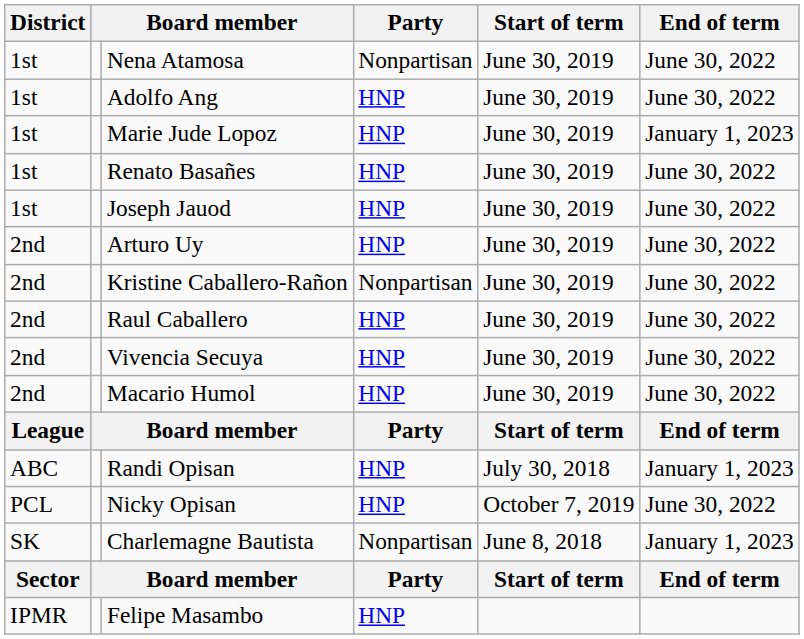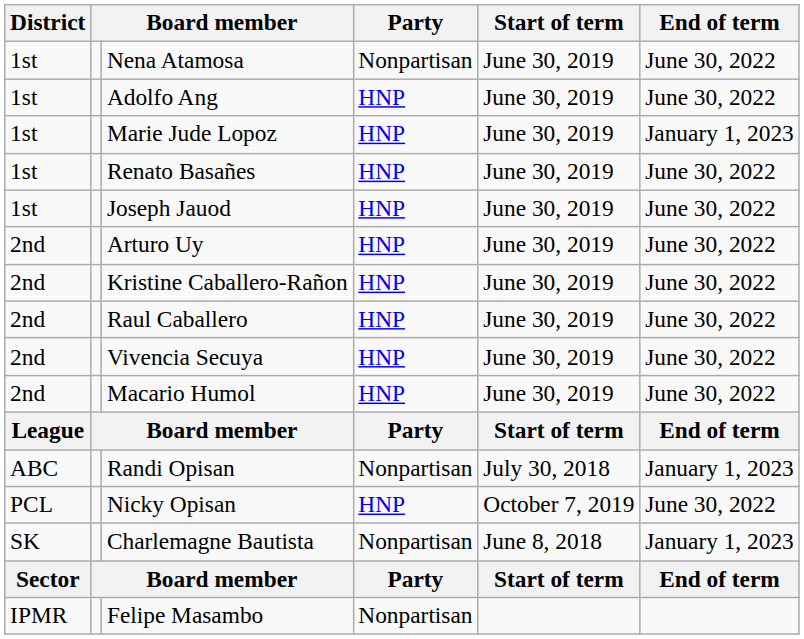 <table class="wikitable">
 <tr>
 <th>District</th>
 <th colspan="2">Board member</th>
 <th>Party</th>
 <th>Start of term</th>
 <th>End of term</th>
 </tr>
 <tr>
 <td>1st</td>
 <td></td>
 <td>Nena Atamosa</td>
 <td>Nonpartisan</td>
 <td>June 30, 2019</td>
 <td>June 30, 2022</td>
 </tr>
 <tr>
 <td>1st</td>
 <td></td>
 <td>Adolfo Ang</td>
 <td><a href='#'>HNP</a></td>
 <td>June 30, 2019</td>
 <td>June 30, 2022</td>
 </tr>
 <tr>
 <td>1st</td>
 <td></td>
 <td>Marie Jude Lopoz</td>
 <td><a href='#'>HNP</a></td>
 <td>June 30, 2019</td>
 <td>January 1, 2023</td>
 </tr>
 <tr>
 <td>1st</td>
 <td></td>
 <td>Renato Basañes</td>
 <td><a href='#'>HNP</a></td>
 <td>June 30, 2019</td>
 <td>June 30, 2022</td>
 </tr>
 <tr>
 <td>1st</td>
 <td></td>
 <td>Joseph Jauod</td>
 <td><a href='#'>HNP</a></td>
 <td>June 30, 2019</td>
 <td>June 30, 2022</td>
 </tr>
 <tr>
 <td>2nd</td>
 <td></td>
 <td>Arturo Uy</td>
 <td><a href='#'>HNP</a></td>
 <td>June 30, 2019</td>
 <td>June 30, 2022</td>
 </tr>
 <tr>
 <td>2nd</td>
 <td></td>
 <td>Kristine Caballero-Rañon</td>
-<td>Nonpartisan</td>
+<td><a href='#'>HNP</a></td>
 <td>June 30, 2019</td>
 <td>June 30, 2022</td>
 </tr>
 <tr>
 <td>2nd</td>
 <td></td>
 <td>Raul Caballero</td>
 <td><a href='#'>HNP</a></td>
 <td>June 30, 2019</td>
 <td>June 30, 2022</td>
 </tr>
 <tr>
 <td>2nd</td>
 <td></td>
 <td>Vivencia Secuya</td>
 <td><a href='#'>HNP</a></td>
 <td>June 30, 2019</td>
 <td>June 30, 2022</td>
 </tr>
 <tr>
 <td>2nd</td>
 <td></td>
 <td>Macario Humol</td>
 <td><a href='#'>HNP</a></td>
 <td>June 30, 2019</td>
 <td>June 30, 2022</td>
 </tr>
 <tr>
 <th>League</th>
 <th colspan="2">Board member</th>
 <th>Party</th>
 <th>Start of term</th>
 <th>End of term</th>
 </tr>
 <tr>
 <td>ABC</td>
 <td></td>
 <td>Randi Opisan</td>
-<td><a href='#'>HNP</a></td>
+<td>Nonpartisan</td>
 <td>July 30, 2018</td>
 <td>January 1, 2023</td>
 </tr>
 <tr>
 <td>PCL</td>
 <td></td>
 <td>Nicky Opisan</td>
 <td><a href='#'>HNP</a></td>
 <td>October 7, 2019</td>
 <td>June 30, 2022</td>
 </tr>
 <tr>
 <td>SK</td>
 <td></td>
 <td>Charlemagne Bautista</td>
 <td>Nonpartisan</td>
 <td>June 8, 2018</td>
 <td>January 1, 2023</td>
 </tr>
 <tr>
 <th>Sector</th>
 <th colspan="2">Board member</th>
 <th>Party</th>
 <th>Start of term</th>
 <th>End of term</th>
 </tr>
 <tr>
 <td>IPMR</td>
 <td></td>
 <td>Felipe Masambo</td>
-<td><a href='#'>HNP</a></td>
+<td>Nonpartisan</td>
 <td></td>
 <td></td>
 </tr>
 </table>
